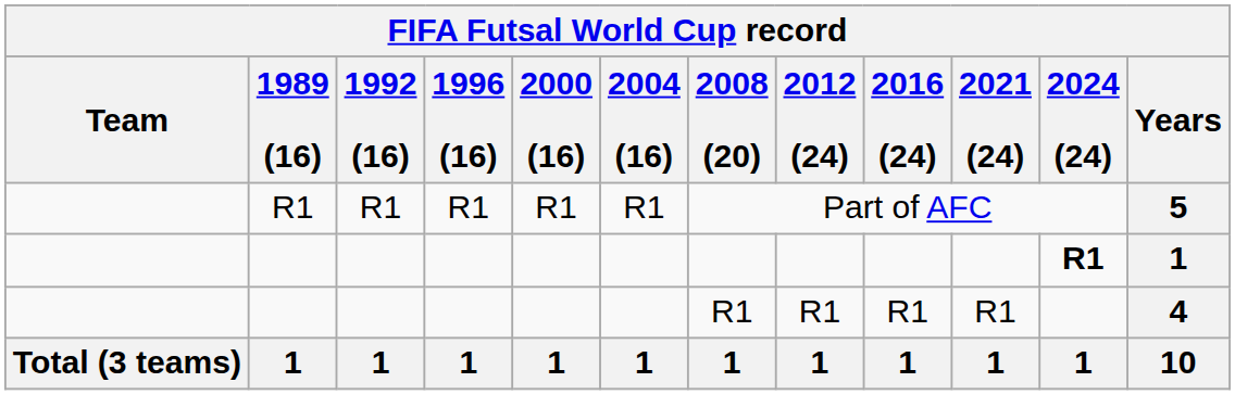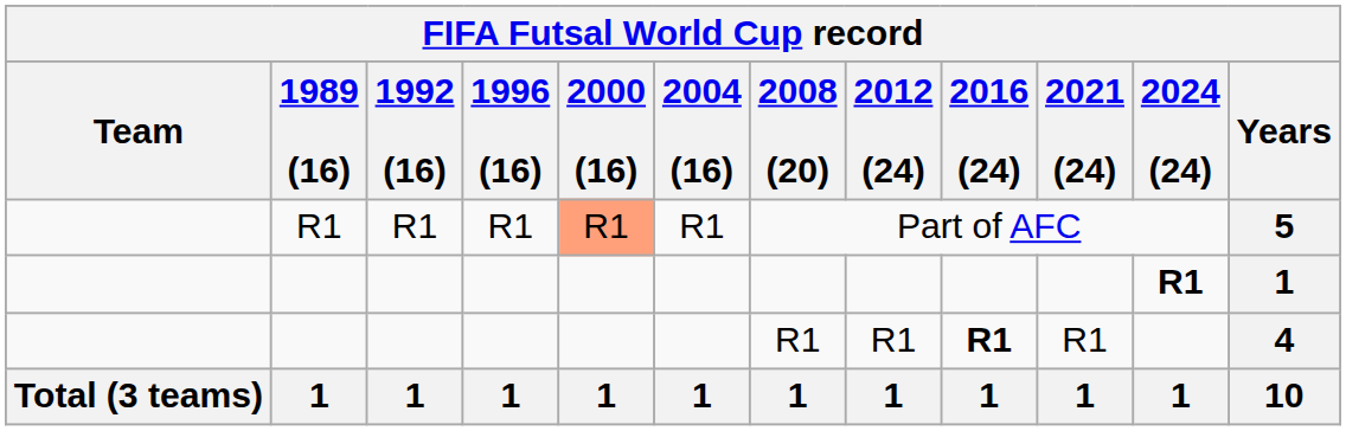 <table class="wikitable" style="text-align:center">
 <tr>
 <th colspan=12><a href='#'>FIFA Futsal World Cup</a> record</th>
 </tr>
 <tr>
 <th>Team</th>
 <th><a href='#'>1989</a><br><br>(16)</th>
 <th><a href='#'>1992</a><br><br>(16)</th>
 <th><a href='#'>1996</a><br><br>(16)</th>
 <th><a href='#'>2000</a><br><br>(16)</th>
 <th><a href='#'>2004</a><br><br>(16)</th>
 <th><a href='#'>2008</a><br><br>(20)</th>
 <th><a href='#'>2012</a><br><br>(24)</th>
 <th><a href='#'>2016</a><br><br>(24)</th>
 <th><a href='#'>2021</a><br><br>(24)</th>
 <th><a href='#'>2024</a><br><br>(24)</th>
 <th>Years</th>
 </tr>
 <tr>
 <td style="text-align:left"></td>
 <td>R1</td>
 <td>R1</td>
 <td>R1</td>
-<td>R1</td>
+<td style="background: lightsalmon;">R1</td>
 <td>R1</td>
 <td colspan="5">Part of <a href='#'>AFC</a></td>
 <th>5</th>
 </tr>
 <tr>
 <td align=left></td>
 <td></td>
 <td></td>
 <td></td>
 <td></td>
 <td></td>
 <td></td>
 <td></td>
 <td></td>
 <td></td>
 <td><strong>R1</strong></td>
 <th>1</th>
 </tr>
 <tr>
 <td style="text-align:left"></td>
 <td></td>
 <td></td>
 <td></td>
 <td></td>
 <td></td>
 <td>R1</td>
 <td>R1</td>
-<td>R1</td>
+<td><strong>R1</strong></td>
 <td>R1</td>
 <td></td>
 <th>4</th>
 </tr>
 <tr>
 <th>Total (3 teams)</th>
 <th>1</th>
 <th>1</th>
 <th>1</th>
 <th>1</th>
 <th>1</th>
 <th>1</th>
 <th>1</th>
 <th>1</th>
 <th>1</th>
 <th>1</th>
 <th>10</th>
 </tr>
 </table>
